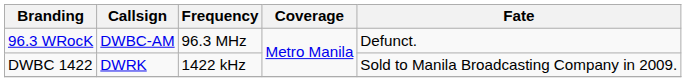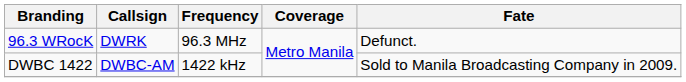 <table class="wikitable">
 <tr>
 <th>Branding</th>
 <th>Callsign</th>
 <th>Frequency</th>
 <th>Coverage</th>
 <th>Fate</th>
 </tr>
 <tr>
 <td><a href='#'>96.3 WRocK</a></td>
-<td><a href='#'>DWBC-AM</a></td>
+<td><a href='#'>DWRK</a></td>
 <td>96.3 MHz</td>
 <td rowspan="2"><a href='#'>Metro Manila</a></td>
 <td>Defunct.</td>
 </tr>
 <tr>
 <td>DWBC 1422</td>
-<td><a href='#'>DWRK</a></td>
+<td><a href='#'>DWBC-AM</a></td>
 <td>1422 kHz</td>
 <td>Sold to Manila Broadcasting Company in 2009.</td>
 </tr>
 <tr>
 </tr>
 </table>
